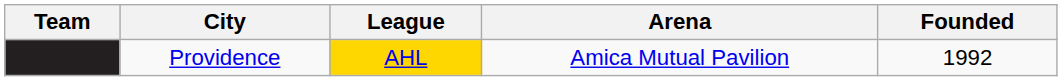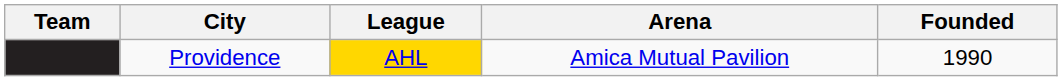 <table class="wikitable sortable" width="60%">
 <tr>
 <th>Team</th>
 <th>City</th>
 <th>League</th>
 <th>Arena</th>
 <th>Founded</th>
 </tr>
 <tr align=center>
 <td style="color:white; background:#231f20; "><strong><a href='#'></a></strong></td>
 <td><a href='#'>Providence</a></td>
 <td style="background: gold;"><a href='#'>AHL</a></td>
 <td><a href='#'>Amica Mutual Pavilion</a></td>
-<td>1992</td>
+<td>1990</td>
 </tr>
 </table>
